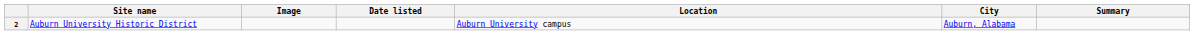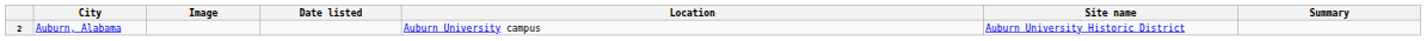 <table class="wikitable sortable" style="width:98%">
 <tr>
 <th width = 2% ></th>
-<th width = 18% ><strong>Site name</strong></th>
+<th width = 8% ><strong>City</strong></th>
 <th width = 8% class="unsortable" ><strong>Image</strong></th>
 <th width = 10% ><strong>Date listed</strong></th>
 <th><strong>Location</strong></th>
-<th width = 8% ><strong>City</strong></th>
+<th width = 18% ><strong>Site name</strong></th>
 <th class="unsortable" ><strong>Summary</strong><br></th>
 </tr>
 <tr>
 <th><small>2</small></th>
-<td><a href='#'>Auburn University Historic District</a></td>
+<td><a href='#'>Auburn, Alabama</a></td>
 <td></td>
 <td></td>
 <td><a href='#'>Auburn University</a> campus<br><small></small></td>
-<td><a href='#'>Auburn, Alabama</a></td>
+<td><a href='#'>Auburn University Historic District</a></td>
 <td><br>  </td>
 </tr>
 </table>
